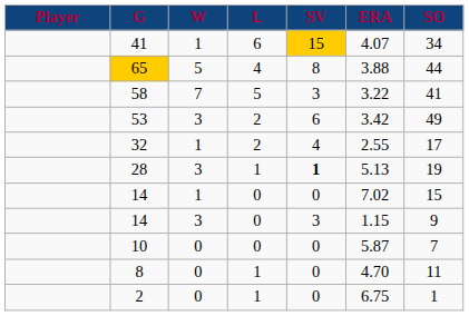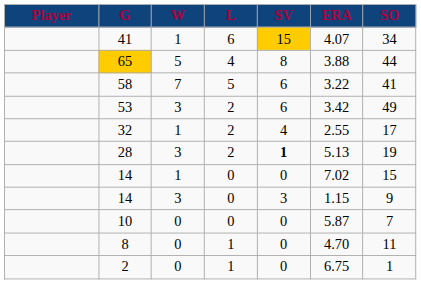 <table class="wikitable sortable">
 <tr>
 <th style="background:#0f437c; color:#af0039; width:16%;">Player</th>
 <th style="background:#0f437c; color:#af0039; width:9%;">G</th>
 <th style="background:#0f437c; color:#af0039; width:9%;">W</th>
 <th style="background:#0f437c; color:#af0039; width:9%;">L</th>
 <th style="background:#0f437c; color:#af0039; width:9%;">SV</th>
 <th style="background:#0f437c; color:#af0039; width:9%;">ERA</th>
 <th style="background:#0f437c; color:#af0039; width:9%;">SO</th>
 </tr>
 <tr style="text-align:center;">
 <td></td>
 <td>41</td>
 <td>1</td>
 <td>6</td>
 <td style="background:#fc0;">15</td>
 <td>4.07</td>
 <td>34</td>
 </tr>
 <tr align=center>
 <td></td>
 <td style="background:#fc0;">65</td>
 <td>5</td>
 <td>4</td>
 <td>8</td>
 <td>3.88</td>
 <td>44</td>
 </tr>
 <tr style="text-align:center;">
 <td></td>
 <td>58</td>
 <td>7</td>
 <td>5</td>
-<td>3</td>
+<td>6</td>
 <td>3.22</td>
 <td>41</td>
 </tr>
 <tr style="text-align:center;">
 <td></td>
 <td>53</td>
 <td>3</td>
 <td>2</td>
 <td>6</td>
 <td>3.42</td>
 <td>49</td>
 </tr>
 <tr style="text-align:center;">
 <td></td>
 <td>32</td>
 <td>1</td>
 <td>2</td>
 <td>4</td>
 <td>2.55</td>
 <td>17</td>
 </tr>
 <tr style="text-align:center;">
 <td></td>
 <td>28</td>
 <td>3</td>
-<td>1</td>
+<td>2</td>
 <td><strong>1</strong></td>
 <td>5.13</td>
 <td>19</td>
 </tr>
 <tr style="text-align:center;">
 <td></td>
 <td>14</td>
 <td>1</td>
 <td>0</td>
 <td>0</td>
 <td>7.02</td>
 <td>15</td>
 </tr>
 <tr style="text-align:center;">
 <td></td>
 <td>14</td>
 <td>3</td>
 <td>0</td>
 <td>3</td>
 <td>1.15</td>
 <td>9</td>
 </tr>
 <tr style="text-align:center;">
 <td></td>
 <td>10</td>
 <td>0</td>
 <td>0</td>
 <td>0</td>
 <td>5.87</td>
 <td>7</td>
 </tr>
 <tr style="text-align:center;">
 <td></td>
 <td>8</td>
 <td>0</td>
 <td>1</td>
 <td>0</td>
 <td>4.70</td>
 <td>11</td>
 </tr>
 <tr style="text-align:center;">
 <td></td>
 <td>2</td>
 <td>0</td>
 <td>1</td>
 <td>0</td>
 <td>6.75</td>
 <td>1</td>
 </tr>
 </table>
